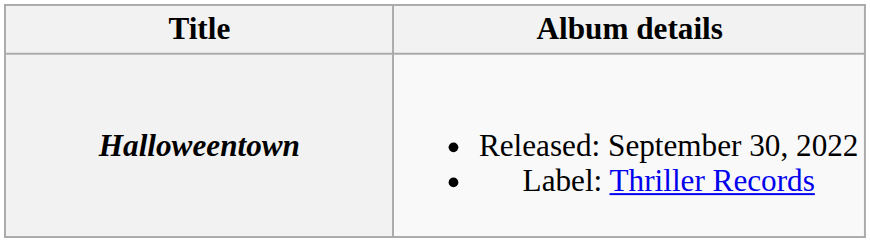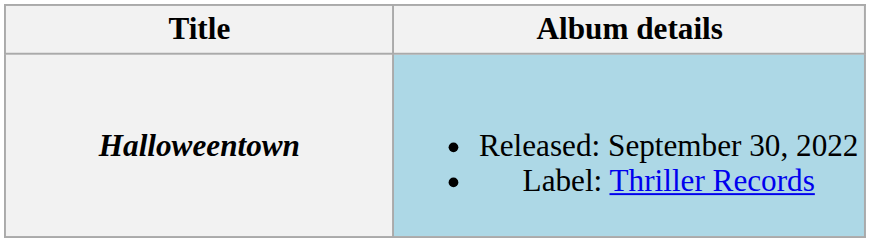 <table class="wikitable plainrowheaders" style="text-align:center;">
 <tr>
 <th scope="col" rowspan="1" style="width:12em;">Title</th>
 <th scope="col" rowspan="1">Album details</th>
 </tr>
 <tr>
 <th scope="row"><em>Halloweentown</em></th>
-<td><br><ul><li>Released: September 30, 2022</li><li>Label: <a href='#'>Thriller Records</a></li></ul></td>
+<td style="background: lightblue;"><br><ul><li>Released: September 30, 2022</li><li>Label: <a href='#'>Thriller Records</a></li></ul></td>
 </tr>
 </table>
